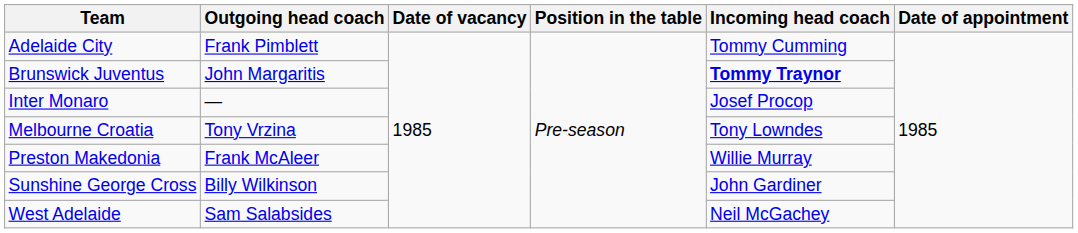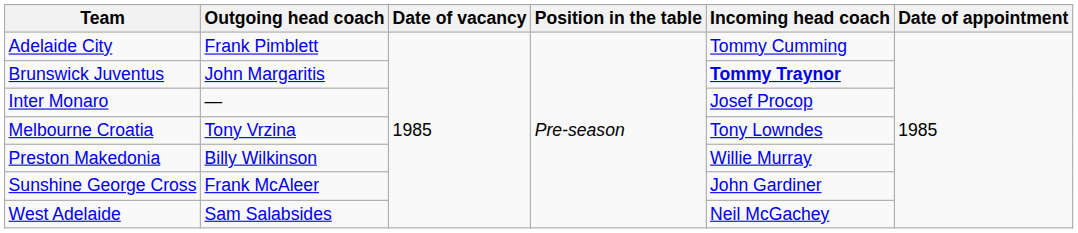 <table class="wikitable sortable">
 <tr>
 <th>Team</th>
 <th>Outgoing head coach</th>
 <th>Date of vacancy</th>
 <th>Position in the table</th>
 <th>Incoming head coach</th>
 <th>Date of appointment</th>
 </tr>
 <tr>
 <td><a href='#'>Adelaide City</a></td>
 <td> <a href='#'>Frank Pimblett</a></td>
 <td rowspan="7">1985</td>
 <td rowspan="7"><em>Pre-season</em></td>
 <td> <a href='#'>Tommy Cumming</a></td>
 <td rowspan="7">1985</td>
 </tr>
 <tr>
 <td><a href='#'>Brunswick Juventus</a></td>
 <td> <a href='#'>John Margaritis</a></td>
 <td><strong> <a href='#'>Tommy Traynor</a></strong></td>
 </tr>
 <tr>
 <td><a href='#'>Inter Monaro</a></td>
 <td>—</td>
 <td> <a href='#'>Josef Procop</a></td>
 </tr>
 <tr>
 <td><a href='#'>Melbourne Croatia</a></td>
 <td> <a href='#'>Tony Vrzina</a></td>
 <td> <a href='#'>Tony Lowndes</a></td>
 </tr>
 <tr>
 <td><a href='#'>Preston Makedonia</a></td>
-<td> <a href='#'>Frank McAleer</a></td>
+<td> <a href='#'>Billy Wilkinson</a></td>
 <td> <a href='#'>Willie Murray</a></td>
 </tr>
 <tr>
 <td><a href='#'>Sunshine George Cross</a></td>
-<td> <a href='#'>Billy Wilkinson</a></td>
+<td> <a href='#'>Frank McAleer</a></td>
 <td> <a href='#'>John Gardiner</a></td>
 </tr>
 <tr>
 <td><a href='#'>West Adelaide</a></td>
 <td> <a href='#'>Sam Salabsides</a></td>
 <td> <a href='#'>Neil McGachey</a></td>
 </tr>
 </table>
